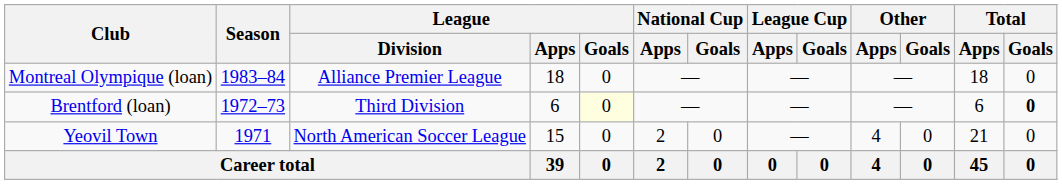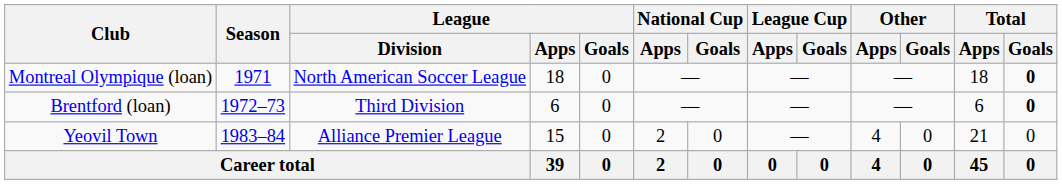 <table class="wikitable" style="text-align: center;">
 <tr>
 <th rowspan="2">Club</th>
 <th rowspan="2">Season</th>
 <th colspan="3">League</th>
 <th colspan="2">National Cup</th>
 <th colspan="2">League Cup</th>
 <th colspan="2">Other</th>
 <th colspan="2">Total</th>
 </tr>
 <tr>
 <th>Division</th>
 <th>Apps</th>
 <th>Goals</th>
 <th>Apps</th>
 <th>Goals</th>
 <th>Apps</th>
 <th>Goals</th>
 <th>Apps</th>
 <th>Goals</th>
 <th>Apps</th>
 <th>Goals</th>
 </tr>
 <tr>
 <td><a href='#'>Montreal Olympique</a> (loan)</td>
-<td><a href='#'>1983–84</a></td>
-<td><a href='#'>Alliance Premier League</a></td>
+<td><a href='#'>1971</a></td>
+<td><a href='#'>North American Soccer League</a></td>
 <td>18</td>
 <td>0</td>
 <td colspan="2">—</td>
 <td colspan="2">—</td>
 <td colspan="2">—</td>
 <td>18</td>
-<td>0</td>
+<td><strong>0</strong></td>
 </tr>
 <tr>
 <td><a href='#'>Brentford</a> (loan)</td>
 <td><a href='#'>1972–73</a></td>
 <td><a href='#'>Third Division</a></td>
 <td>6</td>
-<td style="background: lightyellow;">0</td>
+<td>0</td>
 <td colspan="2">—</td>
 <td colspan="2">—</td>
 <td colspan="2">—</td>
 <td>6</td>
 <td><strong>0</strong></td>
 </tr>
 <tr>
 <td><a href='#'>Yeovil Town</a></td>
-<td><a href='#'>1971</a></td>
-<td><a href='#'>North American Soccer League</a></td>
+<td><a href='#'>1983–84</a></td>
+<td><a href='#'>Alliance Premier League</a></td>
 <td>15</td>
 <td>0</td>
 <td>2</td>
 <td>0</td>
 <td colspan="2">—</td>
 <td>4</td>
 <td>0</td>
 <td>21</td>
 <td>0</td>
 </tr>
 <tr>
 <th colspan="3">Career total</th>
 <th>39</th>
 <th>0</th>
 <th>2</th>
 <th>0</th>
 <th>0</th>
 <th>0</th>
 <th>4</th>
 <th>0</th>
 <th>45</th>
 <th>0</th>
 </tr>
 </table>
